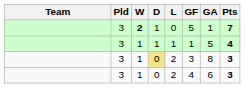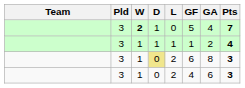 <table class="wikitable" style="text-align:center">
 <tr>
 <th width="165">Team</th>
 <th width="20">Pld</th>
 <th width="20">W</th>
 <th width="20">D</th>
 <th width="20">L</th>
 <th width="20">GF</th>
 <th width="20">GA</th>
 <th width="20">Pts</th>
 </tr>
 <tr style="background-color:#ccffcc">
 <td style="text-align:left"></td>
 <td>3</td>
 <td><strong>2</strong></td>
 <td>1</td>
 <td>0</td>
 <td>5</td>
-<td>1</td>
+<td>4</td>
 <td><strong>7</strong></td>
 </tr>
 <tr style="background-color:#ccffcc">
 <td style="text-align:left"></td>
 <td>3</td>
 <td>1</td>
 <td>1</td>
 <td>1</td>
 <td>1</td>
-<td>5</td>
+<td>2</td>
 <td><strong>4</strong></td>
 </tr>
 <tr>
 <td style="text-align:left"></td>
 <td>3</td>
 <td>1</td>
 <td style="background: khaki;">0</td>
 <td>2</td>
-<td>3</td>
+<td>6</td>
 <td>8</td>
 <td><strong>3</strong></td>
 </tr>
 <tr>
 <td style="text-align:left"></td>
 <td>3</td>
 <td>1</td>
 <td>0</td>
 <td>2</td>
 <td>4</td>
 <td>6</td>
 <td><strong>3</strong></td>
 </tr>
 </table>
